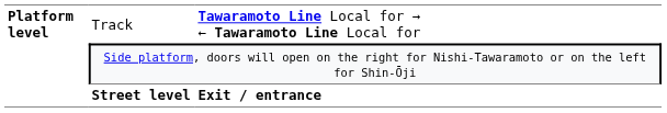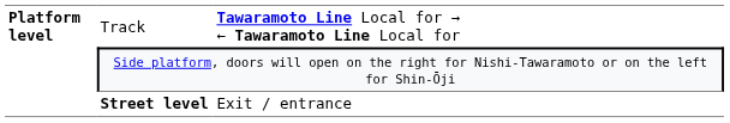 <table border=0 cellspacing=0 cellpadding=3>
 <tr>
 <td style="border-top: 1px solid gray;" width=50 rowspan=2 valign=top><strong>Platform level</strong></td>
 <td style="border-top: 1px solid gray;" width=100>Track</td>
 <td style="border-top: 1px solid gray;" width=475> <strong><a href='#'>Tawaramoto Line</a></strong>  Local for  →<br>←  <strong>Tawaramoto Line</strong>  Local for </td>
 </tr>
 <tr>
 <td style="border-top: 2px solid black;border-right: 2px solid black;border-left: 2px solid black;border-bottom: 1px solid gray; background-color:#f8f9fa;text-align:center;" colspan=2><small><a href='#'>Side platform</a>, doors will open on the right for Nishi-Tawaramoto or on the left for Shin-Ōji</small>  </td>
 </tr>
 <tr>
 <td style="border-bottom: 1px solid gray;" valign=top width=75></td>
 <td style="border-bottom: 1px solid gray;" valign=top width=100><strong>Street level</strong></td>
-<td style="border-bottom: 1px solid gray;" valign=top width=475><strong>Exit / entrance</strong></td>
+<td style="border-bottom: 1px solid gray;" valign=top width=475>Exit / entrance</td>
 </tr>
 </table>
